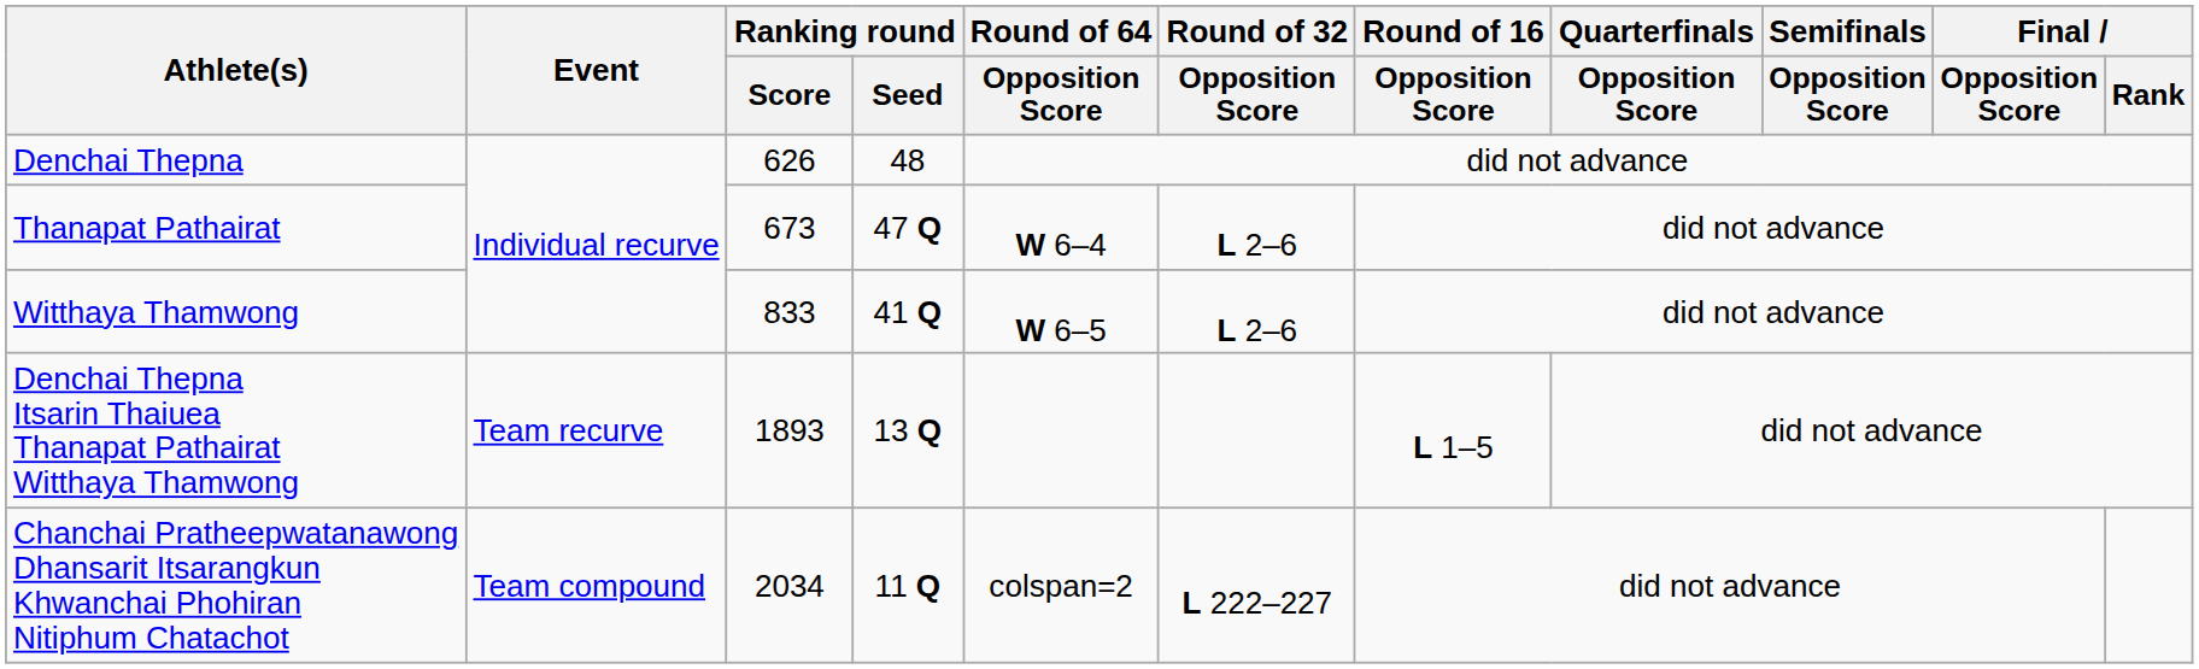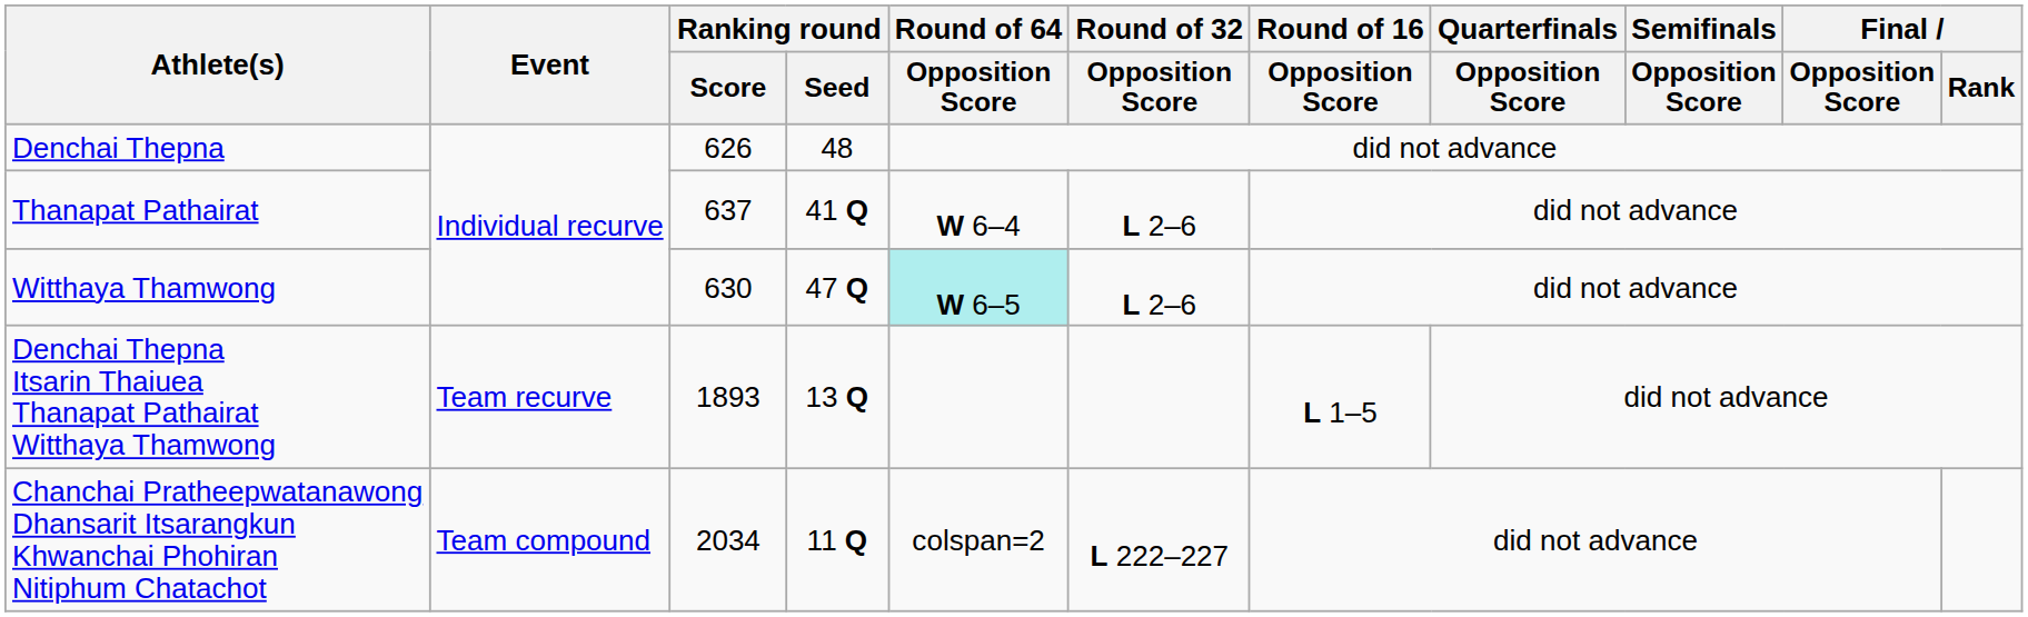 <table class="wikitable" style="font-size:90%">
 <tr>
 <th rowspan=2>Athlete(s)</th>
 <th rowspan=2>Event</th>
 <th colspan="2">Ranking round</th>
 <th>Round of 64</th>
 <th>Round of 32</th>
 <th>Round of 16</th>
 <th>Quarterfinals</th>
 <th>Semifinals</th>
 <th colspan="2">Final / </th>
 </tr>
 <tr style="font-size:95%">
 <th>Score</th>
 <th>Seed</th>
 <th>Opposition<br>Score</th>
 <th>Opposition<br>Score</th>
 <th>Opposition<br>Score</th>
 <th>Opposition<br>Score</th>
 <th>Opposition<br>Score</th>
 <th>Opposition<br>Score</th>
 <th>Rank</th>
 </tr>
 <tr align=center>
 <td align=left><a href='#'>Denchai Thepna</a></td>
 <td align=left rowspan=3><a href='#'>Individual recurve</a></td>
 <td>626</td>
 <td>48</td>
 <td colspan=7>did not advance</td>
 </tr>
 <tr align=center>
 <td align=left><a href='#'>Thanapat Pathairat</a></td>
-<td>673</td>
-<td>47 <strong>Q</strong></td>
+<td>637</td>
+<td>41 <strong>Q</strong></td>
 <td> <br> <strong>W</strong> 6–4</td>
 <td> <br> <strong>L</strong> 2–6</td>
 <td colspan=5>did not advance</td>
 </tr>
 <tr align=center>
 <td align=left><a href='#'>Witthaya Thamwong</a></td>
-<td>833</td>
-<td>41 <strong>Q</strong></td>
-<td> <br> <strong>W</strong> 6–5</td>
+<td>630</td>
+<td>47 <strong>Q</strong></td>
+<td style="background: paleturquoise;"> <br> <strong>W</strong> 6–5</td>
 <td> <br> <strong>L</strong> 2–6</td>
 <td colspan=5>did not advance</td>
 </tr>
 <tr align=center>
 <td align=left><a href='#'>Denchai Thepna</a> <br><a href='#'>Itsarin Thaiuea</a> <br><a href='#'>Thanapat Pathairat</a> <br><a href='#'>Witthaya Thamwong</a></td>
 <td align=left><a href='#'>Team recurve</a></td>
 <td>1893</td>
 <td>13 <strong>Q</strong></td>
 <td></td>
 <td></td>
 <td> <br> <strong>L</strong> 1–5</td>
 <td colspan=4>did not advance</td>
 </tr>
 <tr align=center>
 <td align=left><a href='#'>Chanchai Pratheepwatanawong</a> <br> <a href='#'>Dhansarit Itsarangkun</a> <br> <a href='#'>Khwanchai Phohiran</a> <br> <a href='#'>Nitiphum Chatachot</a></td>
 <td align=left><a href='#'>Team compound</a></td>
 <td>2034</td>
 <td>11 <strong>Q</strong></td>
 <td>colspan=2 </td>
 <td> <br> <strong>L</strong> 222–227</td>
 <td colspan=4>did not advance</td>
 </tr>
 </table>
